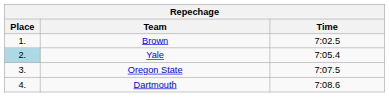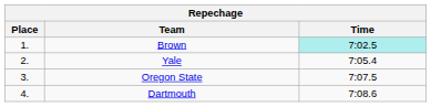 <table class="wikitable" style="font-size:90%; width: 30%; text-align: center">
 <tr>
 <th colspan=3>Repechage</th>
 </tr>
 <tr>
 <th width=1%>Place</th>
 <th width=20%>Team</th>
 <th width=10%>Time</th>
 </tr>
 <tr>
 <td align=center>1.</td>
 <td align=center><a href='#'>Brown</a></td>
-<td align=center>7:02.5</td>
+<td align=center style="background: paleturquoise;">7:02.5</td>
 </tr>
 <tr>
-<td align=center style="background: lightblue;">2.</td>
+<td align=center>2.</td>
 <td align=center><a href='#'>Yale</a></td>
 <td align=center>7:05.4</td>
 </tr>
 <tr>
 <td align=center>3.</td>
 <td align=center><a href='#'>Oregon State</a></td>
 <td align=center>7:07.5</td>
 </tr>
 <tr>
 <td align=center>4.</td>
 <td align=center><a href='#'>Dartmouth</a></td>
 <td align=center>7:08.6</td>
 </tr>
 </table>
